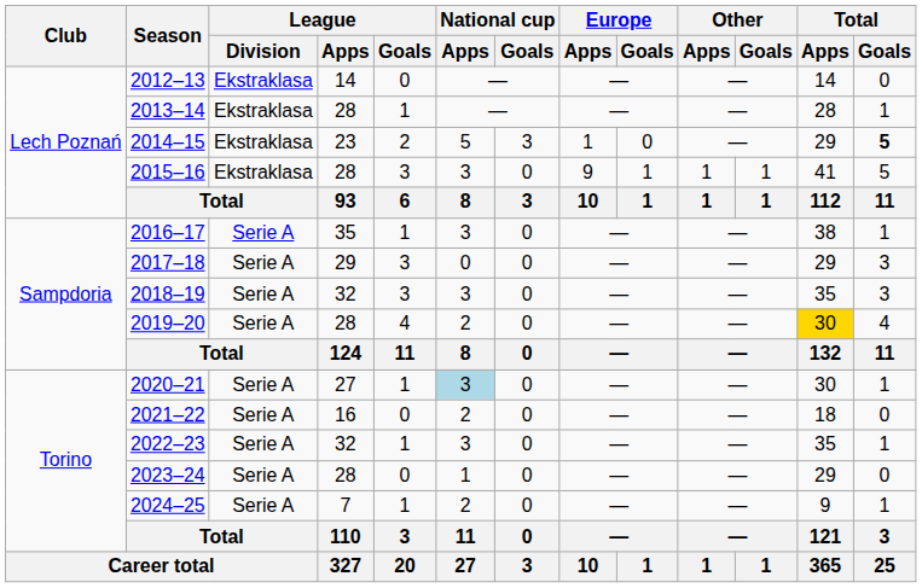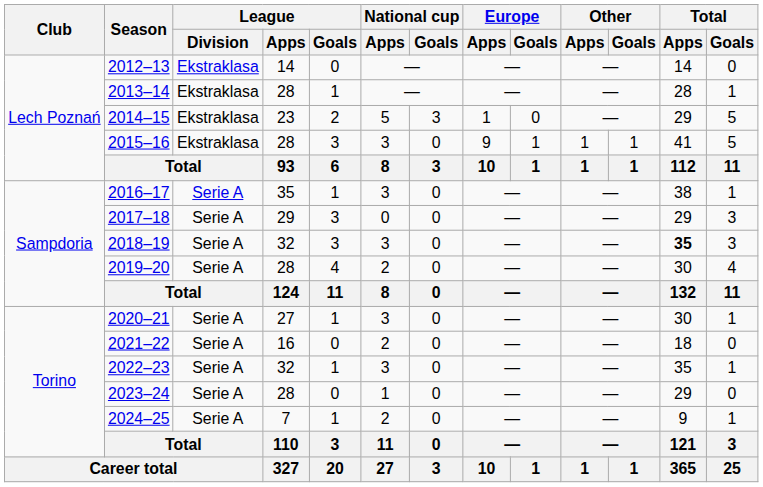 <table class="wikitable" style="text-align:center">
 <tr>
 <th rowspan="2">Club</th>
 <th rowspan="2">Season</th>
 <th colspan="3">League</th>
 <th colspan="2">National cup</th>
 <th colspan="2"><a href='#'>Europe</a></th>
 <th colspan="2">Other</th>
 <th colspan="2">Total</th>
 </tr>
 <tr>
 <th>Division</th>
 <th>Apps</th>
 <th>Goals</th>
 <th>Apps</th>
 <th>Goals</th>
 <th>Apps</th>
 <th>Goals</th>
 <th>Apps</th>
 <th>Goals</th>
 <th>Apps</th>
 <th>Goals</th>
 </tr>
 <tr>
 <td rowspan="5"><a href='#'>Lech Poznań</a></td>
 <td><a href='#'>2012–13</a></td>
 <td><a href='#'>Ekstraklasa</a></td>
 <td>14</td>
 <td>0</td>
 <td colspan="2">—</td>
 <td colspan="2">—</td>
 <td colspan="2">—</td>
 <td>14</td>
 <td>0</td>
 </tr>
 <tr>
 <td><a href='#'>2013–14</a></td>
 <td>Ekstraklasa</td>
 <td>28</td>
 <td>1</td>
 <td colspan="2">—</td>
 <td colspan="2">—</td>
 <td colspan="2">—</td>
 <td>28</td>
 <td>1</td>
 </tr>
 <tr>
 <td><a href='#'>2014–15</a></td>
 <td>Ekstraklasa</td>
 <td>23</td>
 <td>2</td>
 <td>5</td>
 <td>3</td>
 <td>1</td>
 <td>0</td>
 <td colspan="2">—</td>
 <td>29</td>
-<td><strong>5</strong></td>
+<td>5</td>
 </tr>
 <tr>
 <td><a href='#'>2015–16</a></td>
 <td>Ekstraklasa</td>
 <td>28</td>
 <td>3</td>
 <td>3</td>
 <td>0</td>
 <td>9</td>
 <td>1</td>
 <td>1</td>
 <td>1</td>
 <td>41</td>
 <td>5</td>
 </tr>
 <tr>
 <th colspan="2">Total</th>
 <th>93</th>
 <th>6</th>
 <th>8</th>
 <th>3</th>
 <th>10</th>
 <th>1</th>
 <th>1</th>
 <th>1</th>
 <th>112</th>
 <th>11</th>
 </tr>
 <tr>
 <td rowspan="5"><a href='#'>Sampdoria</a></td>
 <td><a href='#'>2016–17</a></td>
 <td><a href='#'>Serie A</a></td>
 <td>35</td>
 <td>1</td>
 <td>3</td>
 <td>0</td>
 <td colspan="2">—</td>
 <td colspan="2">—</td>
 <td>38</td>
 <td>1</td>
 </tr>
 <tr>
 <td><a href='#'>2017–18</a></td>
 <td>Serie A</td>
 <td>29</td>
 <td>3</td>
 <td>0</td>
 <td>0</td>
 <td colspan="2">—</td>
 <td colspan="2">—</td>
 <td>29</td>
 <td>3</td>
 </tr>
 <tr>
 <td><a href='#'>2018–19</a></td>
 <td>Serie A</td>
 <td>32</td>
 <td>3</td>
 <td>3</td>
 <td>0</td>
 <td colspan="2">—</td>
 <td colspan="2">—</td>
-<td>35</td>
+<td><strong>35</strong></td>
 <td>3</td>
 </tr>
 <tr>
 <td><a href='#'>2019–20</a></td>
 <td>Serie A</td>
 <td>28</td>
 <td>4</td>
 <td>2</td>
 <td>0</td>
 <td colspan="2">—</td>
 <td colspan="2">—</td>
-<td style="background: gold;">30</td>
+<td>30</td>
 <td>4</td>
 </tr>
 <tr>
 <th colspan="2">Total</th>
 <th>124</th>
 <th>11</th>
 <th>8</th>
 <th>0</th>
 <th colspan="2">—</th>
 <th colspan="2">—</th>
 <th>132</th>
 <th>11</th>
 </tr>
 <tr>
 <td rowspan="6"><a href='#'>Torino</a></td>
 <td><a href='#'>2020–21</a></td>
 <td>Serie A</td>
 <td>27</td>
 <td>1</td>
-<td style="background: lightblue;">3</td>
+<td>3</td>
 <td>0</td>
 <td colspan="2">—</td>
 <td colspan="2">—</td>
 <td>30</td>
 <td>1</td>
 </tr>
 <tr>
 <td><a href='#'>2021–22</a></td>
 <td>Serie A</td>
 <td>16</td>
 <td>0</td>
 <td>2</td>
 <td>0</td>
 <td colspan="2">—</td>
 <td colspan="2">—</td>
 <td>18</td>
 <td>0</td>
 </tr>
 <tr>
 <td><a href='#'>2022–23</a></td>
 <td>Serie A</td>
 <td>32</td>
 <td>1</td>
 <td>3</td>
 <td>0</td>
 <td colspan="2">—</td>
 <td colspan="2">—</td>
 <td>35</td>
 <td>1</td>
 </tr>
 <tr>
 <td><a href='#'>2023–24</a></td>
 <td>Serie A</td>
 <td>28</td>
 <td>0</td>
 <td>1</td>
 <td>0</td>
 <td colspan="2">—</td>
 <td colspan="2">—</td>
 <td>29</td>
 <td>0</td>
 </tr>
 <tr>
 <td><a href='#'>2024–25</a></td>
 <td>Serie A</td>
 <td>7</td>
 <td>1</td>
 <td>2</td>
 <td>0</td>
 <td colspan="2">—</td>
 <td colspan="2">—</td>
 <td>9</td>
 <td>1</td>
 </tr>
 <tr>
 <th colspan="2">Total</th>
 <th>110</th>
 <th>3</th>
 <th>11</th>
 <th>0</th>
 <th colspan="2">—</th>
 <th colspan="2">—</th>
 <th>121</th>
 <th>3</th>
 </tr>
 <tr>
 <th colspan="3">Career total</th>
 <th>327</th>
 <th>20</th>
 <th>27</th>
 <th>3</th>
 <th>10</th>
 <th>1</th>
 <th>1</th>
 <th>1</th>
 <th>365</th>
 <th>25</th>
 </tr>
 </table>
